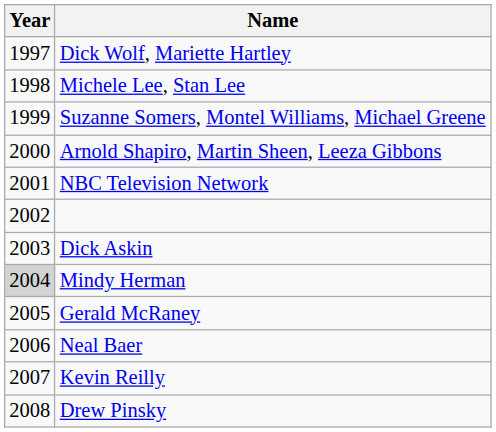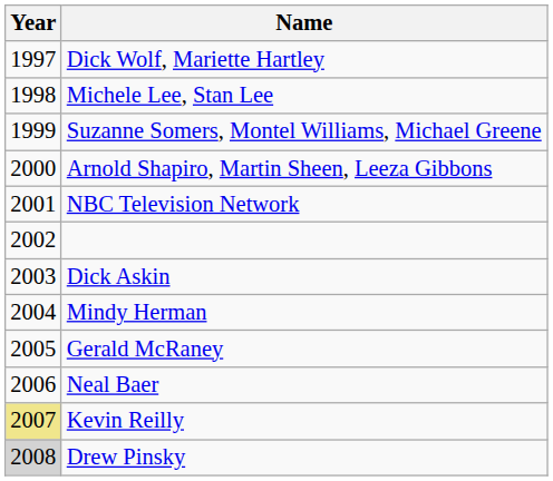 <table class="wikitable" align=center>
 <tr>
 <th>Year</th>
 <th>Name</th>
 </tr>
 <tr>
 <td>1997</td>
 <td><a href='#'>Dick Wolf</a>, <a href='#'>Mariette Hartley</a></td>
 </tr>
 <tr>
 <td>1998</td>
 <td><a href='#'>Michele Lee</a>, <a href='#'>Stan Lee</a></td>
 </tr>
 <tr>
 <td>1999</td>
 <td><a href='#'>Suzanne Somers</a>, <a href='#'>Montel Williams</a>, <a href='#'>Michael Greene</a></td>
 </tr>
 <tr>
 <td>2000</td>
 <td><a href='#'>Arnold Shapiro</a>, <a href='#'>Martin Sheen</a>, <a href='#'>Leeza Gibbons</a></td>
 </tr>
 <tr>
 <td>2001</td>
 <td><a href='#'>NBC Television Network</a></td>
 </tr>
 <tr>
 <td>2002</td>
 <td></td>
 </tr>
 <tr>
 <td>2003</td>
 <td><a href='#'>Dick Askin</a></td>
 </tr>
 <tr>
-<td style="background: lightgrey;">2004</td>
+<td>2004</td>
 <td><a href='#'>Mindy Herman</a></td>
 </tr>
 <tr>
 <td>2005</td>
 <td><a href='#'>Gerald McRaney</a></td>
 </tr>
 <tr>
 <td>2006</td>
 <td><a href='#'>Neal Baer</a></td>
 </tr>
 <tr>
-<td>2007</td>
+<td style="background: khaki;">2007</td>
 <td><a href='#'>Kevin Reilly</a></td>
 </tr>
 <tr>
-<td>2008</td>
+<td style="background: lightgrey;">2008</td>
 <td><a href='#'>Drew Pinsky</a></td>
 </tr>
 </table>
